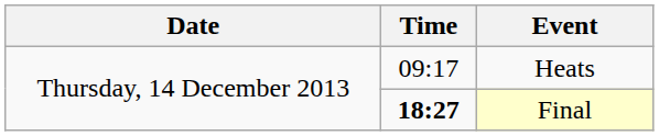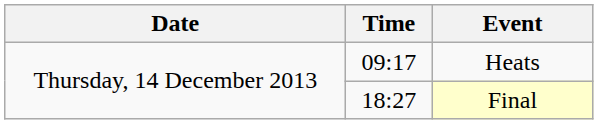 <table class = "wikitable" style="text-align:center;">
 <tr>
 <th width=220>Date</th>
 <th width=50>Time</th>
 <th width=100>Event</th>
 </tr>
 <tr>
 <td rowspan=2>Thursday, 14 December 2013</td>
 <td>09:17</td>
 <td>Heats</td>
 </tr>
 <tr>
-<td><strong>18:27</strong></td>
+<td>18:27</td>
 <td bgcolor=ffffcc>Final</td>
 </tr>
 </table>
